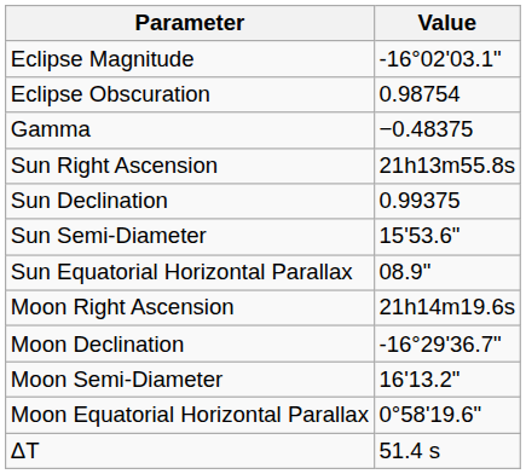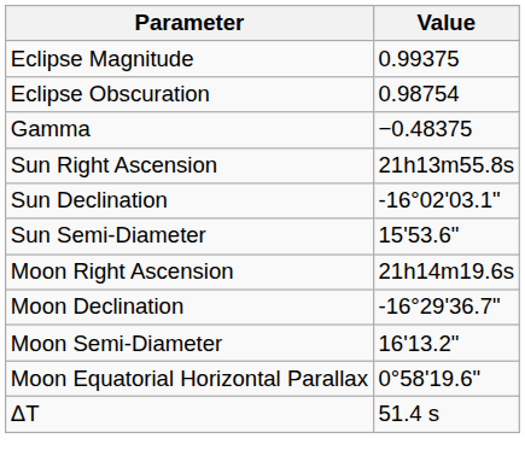 <table class="wikitable">
 <tr>
 <th>Parameter</th>
 <th>Value</th>
 </tr>
 <tr>
 <td>Eclipse Magnitude</td>
-<td>-16°02'03.1"</td>
+<td>0.99375</td>
 </tr>
 <tr>
 <td>Eclipse Obscuration</td>
 <td>0.98754</td>
 </tr>
 <tr>
 <td>Gamma</td>
 <td>−0.48375</td>
 </tr>
 <tr>
 <td>Sun Right Ascension</td>
 <td>21h13m55.8s</td>
 </tr>
 <tr>
 <td>Sun Declination</td>
-<td>0.99375</td>
+<td>-16°02'03.1"</td>
 </tr>
 <tr>
 <td>Sun Semi-Diameter</td>
 <td>15'53.6"</td>
-</tr>
-<tr>
-<td>Sun Equatorial Horizontal Parallax</td>
-<td>08.9"</td>
 </tr>
 <tr>
 <td>Moon Right Ascension</td>
 <td>21h14m19.6s</td>
 </tr>
 <tr>
 <td>Moon Declination</td>
 <td>-16°29'36.7"</td>
 </tr>
 <tr>
 <td>Moon Semi-Diameter</td>
 <td>16'13.2"</td>
 </tr>
 <tr>
 <td>Moon Equatorial Horizontal Parallax</td>
 <td>0°58'19.6"</td>
 </tr>
 <tr>
 <td>ΔT</td>
 <td>51.4 s</td>
 </tr>
 </table>
